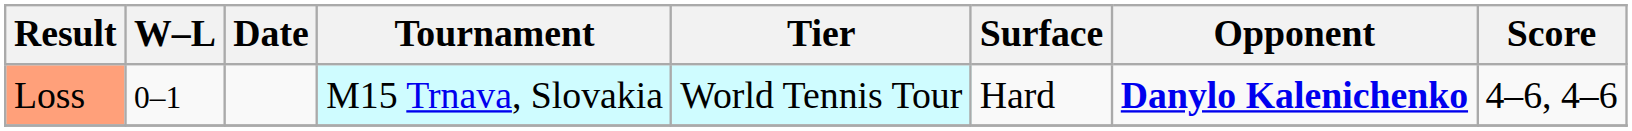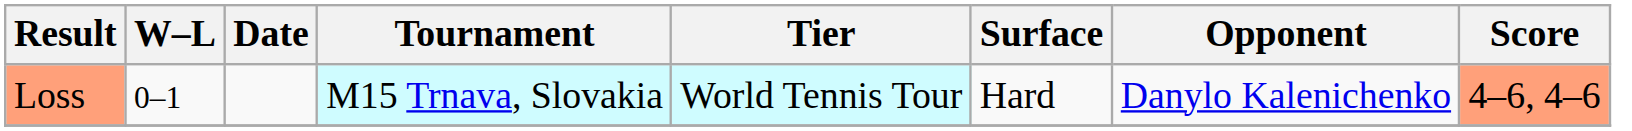 <table class="sortable wikitable">
 <tr>
 <th>Result</th>
 <th class="unsortable">W–L</th>
 <th>Date</th>
 <th>Tournament</th>
 <th>Tier</th>
 <th>Surface</th>
 <th>Opponent</th>
 <th class="unsortable">Score</th>
 </tr>
 <tr>
 <td bgcolor=FFA07A>Loss</td>
 <td><small>0–1</small></td>
 <td></td>
 <td style="background:#cffcff;">M15 <a href='#'>Trnava</a>, Slovakia</td>
 <td style="background:#cffcff;">World Tennis Tour</td>
 <td>Hard</td>
-<td><strong> <a href='#'>Danylo Kalenichenko</a></strong></td>
-<td>4–6, 4–6</td>
+<td> <a href='#'>Danylo Kalenichenko</a></td>
+<td style="background: lightsalmon;">4–6, 4–6</td>
 </tr>
 <tr>
 </tr>
 </table>
